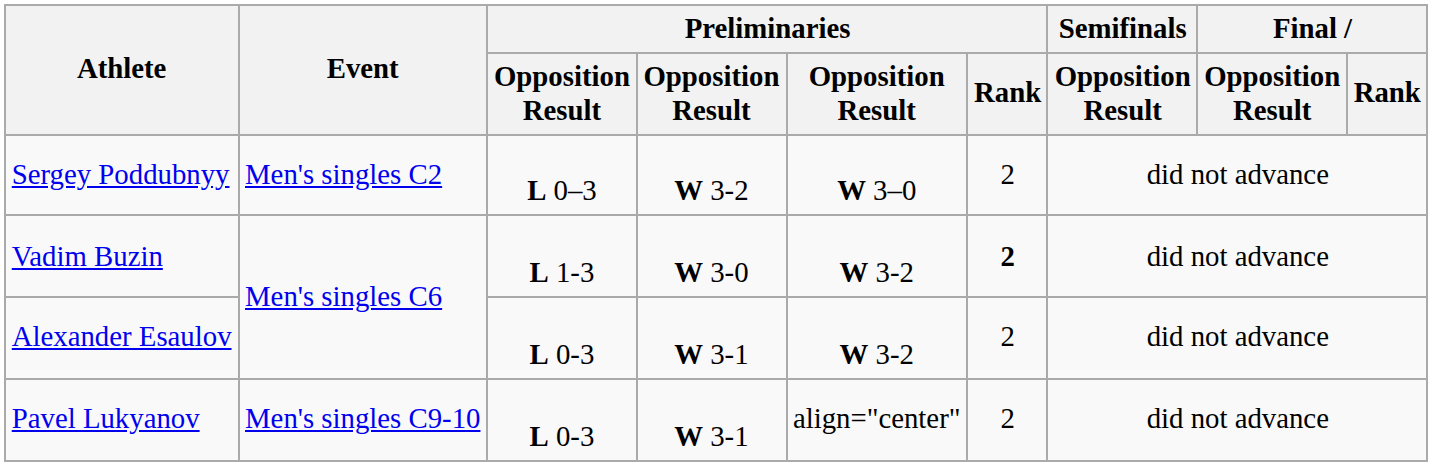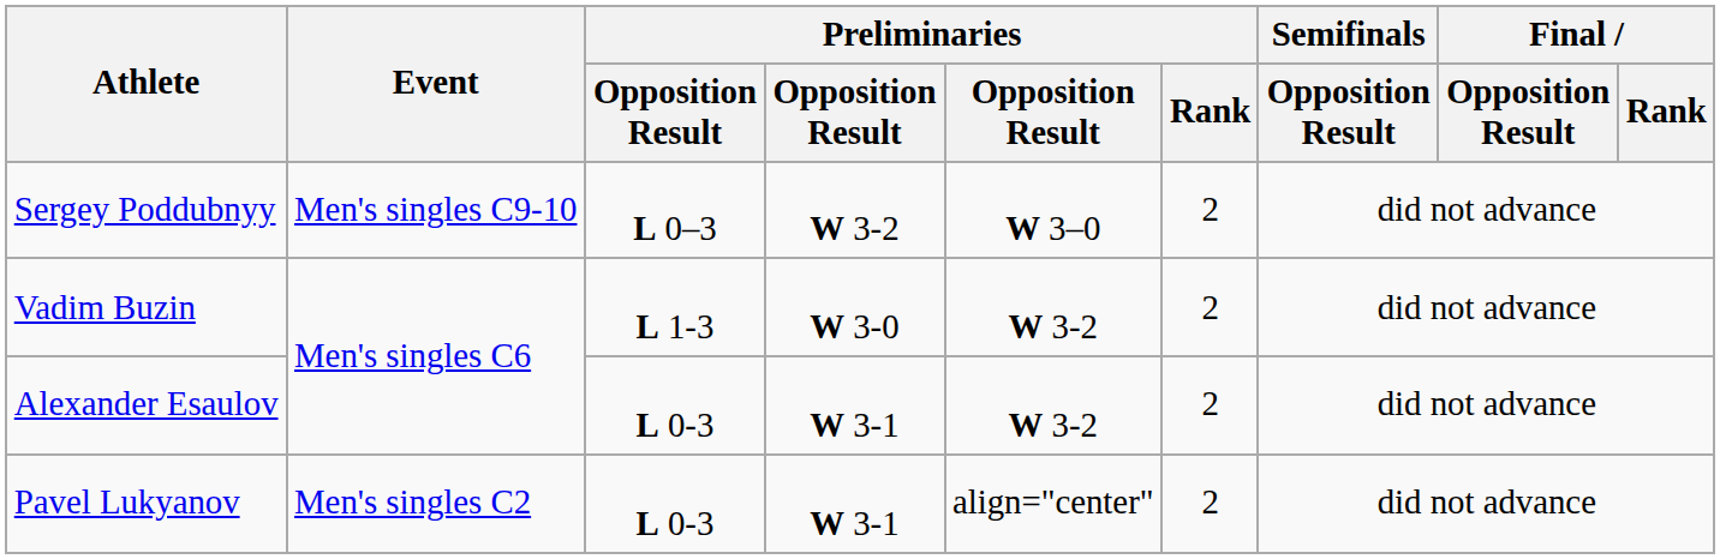 <table class=wikitable style="font-size:90%">
 <tr>
 <th rowspan="2">Athlete</th>
 <th rowspan="2">Event</th>
 <th colspan="4">Preliminaries</th>
 <th>Semifinals</th>
 <th colspan="2">Final / </th>
 </tr>
 <tr>
 <th>Opposition<br>Result</th>
 <th>Opposition<br>Result</th>
 <th>Opposition<br>Result</th>
 <th>Rank</th>
 <th>Opposition<br>Result</th>
 <th>Opposition<br>Result</th>
 <th>Rank</th>
 </tr>
 <tr>
 </tr>
 <tr>
 <td><a href='#'>Sergey Poddubnyy</a></td>
-<td><a href='#'>Men's singles C2</a></td>
+<td><a href='#'>Men's singles C9-10</a></td>
 <td align="center"><br><strong>L</strong> 0–3</td>
 <td align="center"><br><strong>W</strong> 3-2</td>
 <td align="center"><br><strong>W</strong> 3–0</td>
 <td align="center">2</td>
 <td align="center" colspan="3">did not advance</td>
 </tr>
 <tr>
 <td><a href='#'>Vadim Buzin</a></td>
 <td rowspan="2"><a href='#'>Men's singles C6</a></td>
 <td align="center"><br><strong>L</strong> 1-3</td>
 <td align="center"><br><strong>W</strong> 3-0</td>
 <td align="center"><br><strong>W</strong> 3-2</td>
-<td align="center"><strong>2</strong></td>
+<td align="center">2</td>
 <td align="center" colspan="3">did not advance</td>
 </tr>
 <tr>
 <td><a href='#'>Alexander Esaulov</a></td>
 <td align="center"><br><strong>L</strong> 0-3</td>
 <td align="center"><br><strong>W</strong> 3-1</td>
 <td align="center"><br><strong>W</strong> 3-2</td>
 <td align="center">2</td>
 <td align="center" colspan="3">did not advance</td>
 </tr>
 <tr>
 <td><a href='#'>Pavel Lukyanov</a></td>
-<td><a href='#'>Men's singles C9-10</a></td>
+<td><a href='#'>Men's singles C2</a></td>
 <td align="center"><br><strong>L</strong> 0-3</td>
 <td align="center"><br><strong>W</strong> 3-1</td>
 <td>align="center" </td>
 <td align="center">2</td>
 <td align="center" colspan="3">did not advance</td>
 </tr>
 </table>
